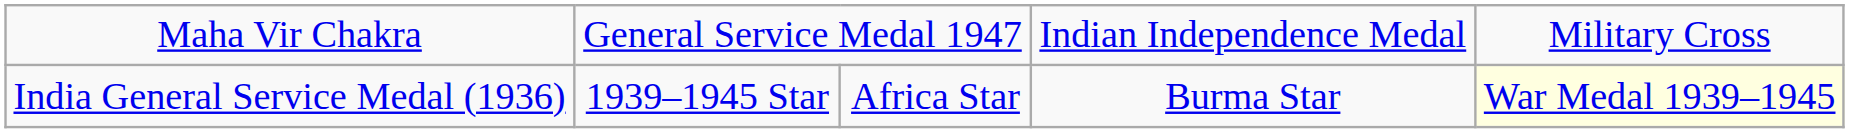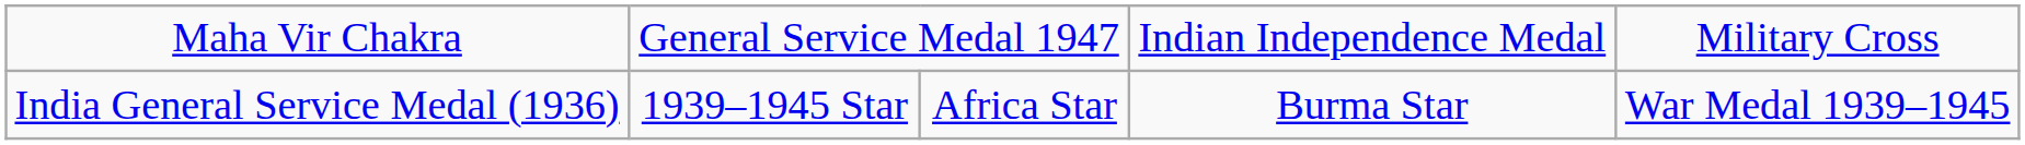 <table class="wikitable" style="margin:1em auto; text-align:center;">
 <tr>
 <td><a href='#'>Maha Vir Chakra</a></td>
 <td colspan="2"><a href='#'>General Service Medal 1947</a></td>
 <td><a href='#'>Indian Independence Medal</a></td>
 <td><a href='#'>Military Cross</a></td>
 </tr>
 <tr>
 <td><a href='#'>India General Service Medal (1936)</a></td>
 <td><a href='#'>1939–1945 Star</a></td>
 <td><a href='#'>Africa Star</a></td>
 <td><a href='#'>Burma Star</a></td>
-<td style="background: lightyellow;"><a href='#'>War Medal 1939–1945</a></td>
+<td><a href='#'>War Medal 1939–1945</a></td>
 </tr>
 </table>
